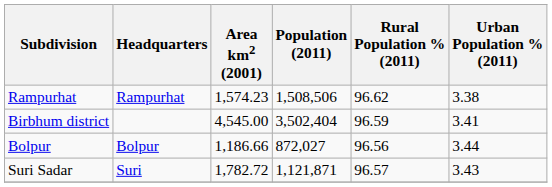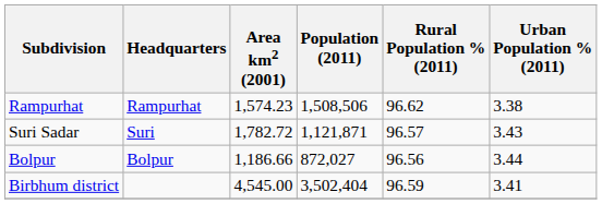 <table class="wikitable sortable">
 <tr>
 <th>Subdivision</th>
 <th>Headquarters</th>
 <th><br>Area<br>km<sup>2</sup><br>(2001)</th>
 <th>Population<br>(2011)</th>
 <th>Rural<br>Population %<br>(2011)</th>
 <th>Urban<br> Population % <br>(2011)</th>
 </tr>
 <tr>
 <td><a href='#'>Rampurhat</a></td>
 <td><a href='#'>Rampurhat</a></td>
 <td>1,574.23</td>
 <td>1,508,506</td>
 <td>96.62</td>
 <td>3.38</td>
 </tr>
 <tr>
-<td><a href='#'>Birbhum district</a></td>
-<td></td>
-<td>4,545.00</td>
-<td>3,502,404</td>
-<td>96.59</td>
-<td>3.41</td>
+<td>Suri Sadar</td>
+<td><a href='#'>Suri</a></td>
+<td>1,782.72</td>
+<td>1,121,871</td>
+<td>96.57</td>
+<td>3.43</td>
 </tr>
 <tr>
 <td><a href='#'>Bolpur</a></td>
 <td><a href='#'>Bolpur</a></td>
 <td>1,186.66</td>
 <td>872,027</td>
 <td>96.56</td>
 <td>3.44</td>
 </tr>
 <tr>
-<td>Suri Sadar</td>
-<td><a href='#'>Suri</a></td>
-<td>1,782.72</td>
-<td>1,121,871</td>
-<td>96.57</td>
-<td>3.43</td>
+<td><a href='#'>Birbhum district</a></td>
+<td></td>
+<td>4,545.00</td>
+<td>3,502,404</td>
+<td>96.59</td>
+<td>3.41</td>
 </tr>
 <tr>
 </tr>
 </table>
